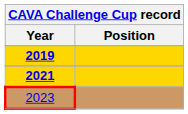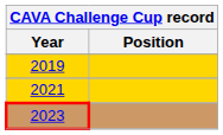 <table class="wikitable" style="text-align: center;">
 <tr>
 <th colspan=6><a href='#'>CAVA Challenge Cup</a> record</th>
 </tr>
 <tr>
 <th>Year</th>
 <th>Position</th>
 </tr>
 <tr>
 </tr>
 <tr style="background:gold">
-<td><strong> <a href='#'>2019</a></strong></td>
+<td> <a href='#'>2019</a></td>
 <td><strong></strong></td>
 </tr>
 <tr>
 </tr>
 <tr style="background:gold">
-<td><strong> <a href='#'>2021</a></strong></td>
+<td> <a href='#'>2021</a></td>
 <td><strong></strong></td>
 </tr>
 <tr>
 </tr>
 <tr style="background:#c96;">
 <td style="border: 3px solid red"> <a href='#'>2023</a></td>
 <td><strong></strong></td>
 </tr>
 <tr>
 </tr>
 </table>
